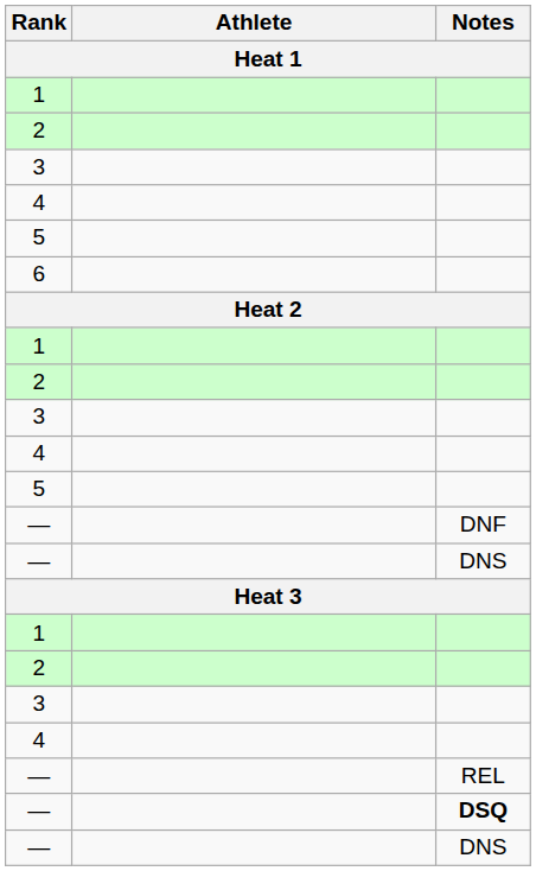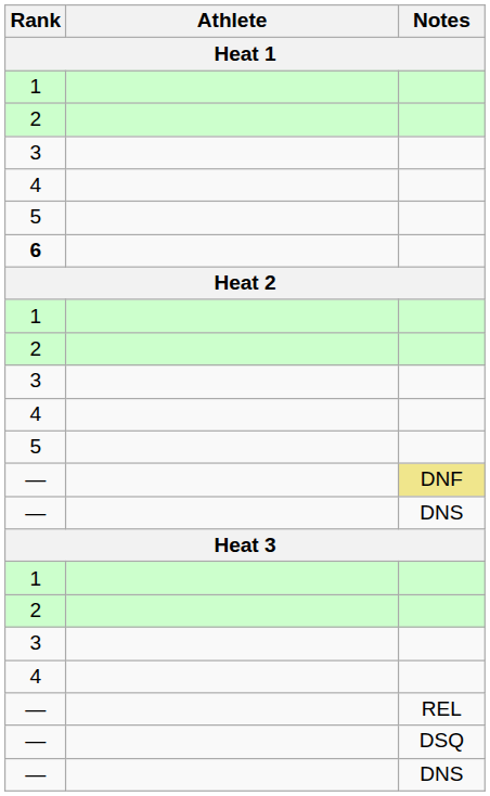 <table class=wikitable style="text-align:center">
 <tr>
 <th width=40>Rank</th>
 <th width=250>Athlete</th>
 <th width=60>Notes</th>
 </tr>
 <tr>
 <th colspan=3>Heat 1</th>
 </tr>
 <tr bgcolor="ccffcc">
 <td>1</td>
 <td align=left></td>
 <td></td>
 </tr>
 <tr bgcolor="ccffcc">
 <td>2</td>
 <td align=left></td>
 <td></td>
 </tr>
 <tr>
 <td>3</td>
 <td align=left></td>
 <td></td>
 </tr>
 <tr>
 <td>4</td>
 <td align=left></td>
 <td></td>
 </tr>
 <tr>
 <td>5</td>
 <td align=left></td>
 <td></td>
 </tr>
 <tr>
-<td>6</td>
+<td><strong>6</strong></td>
 <td align=left></td>
 <td></td>
 </tr>
 <tr>
 <th colspan=3>Heat 2</th>
 </tr>
 <tr bgcolor="ccffcc">
 <td>1</td>
 <td align=left></td>
 <td></td>
 </tr>
 <tr bgcolor="ccffcc">
 <td>2</td>
 <td align=left></td>
 <td></td>
 </tr>
 <tr>
 <td>3</td>
 <td align=left></td>
 <td></td>
 </tr>
 <tr>
 <td>4</td>
 <td align=left></td>
 <td></td>
 </tr>
 <tr>
 <td>5</td>
 <td align=left></td>
 <td></td>
 </tr>
 <tr>
 <td>—</td>
 <td align=left></td>
-<td>DNF</td>
+<td style="background: khaki;">DNF</td>
 </tr>
 <tr>
 <td>—</td>
 <td align=left></td>
 <td>DNS</td>
 </tr>
 <tr>
 <th colspan=3>Heat 3</th>
 </tr>
 <tr bgcolor="ccffcc">
 <td>1</td>
 <td align=left></td>
 <td></td>
 </tr>
 <tr bgcolor="ccffcc">
 <td>2</td>
 <td align=left></td>
 <td></td>
 </tr>
 <tr>
 <td>3</td>
 <td align=left></td>
 <td></td>
 </tr>
 <tr>
 <td>4</td>
 <td align=left></td>
 <td></td>
 </tr>
 <tr>
 <td>—</td>
 <td align=left></td>
 <td>REL</td>
 </tr>
 <tr>
 <td>—</td>
 <td align=left></td>
-<td><strong>DSQ</strong></td>
+<td>DSQ</td>
 </tr>
 <tr>
 <td>—</td>
 <td align=left></td>
 <td>DNS</td>
 </tr>
 </table>
